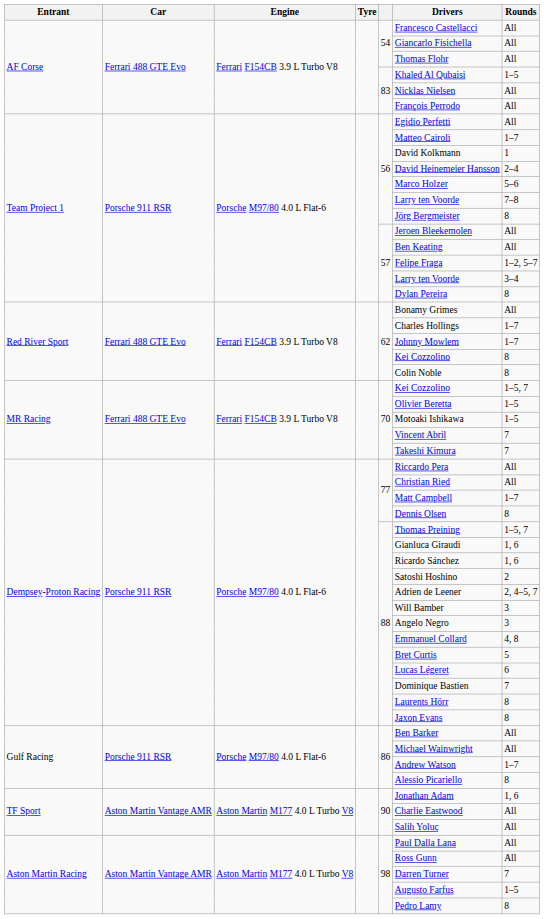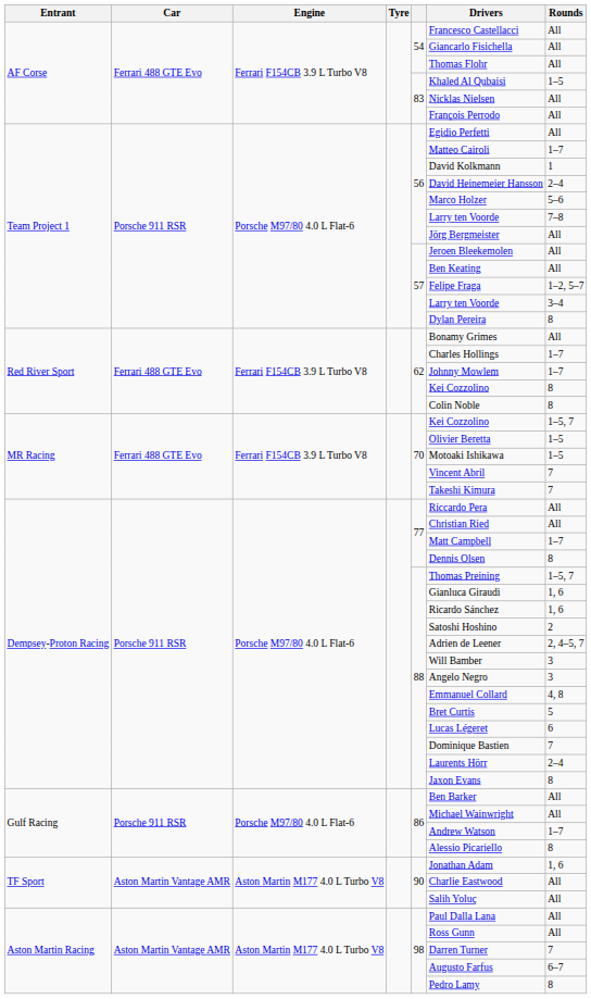 <table class="wikitable" style="font-size: 90%">
 <tr>
 <th>Entrant</th>
 <th>Car</th>
 <th>Engine</th>
 <th>Tyre</th>
 <th></th>
 <th>Drivers</th>
 <th>Rounds</th>
 </tr>
 <tr>
 <td rowspan=6> <a href='#'>AF Corse</a></td>
 <td rowspan=6><a href='#'>Ferrari 488 GTE Evo</a></td>
 <td rowspan=6><a href='#'>Ferrari</a> <a href='#'>F154CB</a> 3.9 L Turbo V8</td>
 <td rowspan=6></td>
 <td rowspan=3>54</td>
 <td> <a href='#'>Francesco Castellacci</a></td>
 <td>All</td>
 </tr>
 <tr>
 <td> <a href='#'>Giancarlo Fisichella</a></td>
 <td>All</td>
 </tr>
 <tr>
 <td> <a href='#'>Thomas Flohr</a></td>
 <td>All</td>
 </tr>
 <tr>
 <td rowspan=3>83</td>
 <td> <a href='#'>Khaled Al Qubaisi</a></td>
 <td>1–5</td>
 </tr>
 <tr>
 <td> <a href='#'>Nicklas Nielsen</a></td>
 <td>All</td>
 </tr>
 <tr>
 <td> <a href='#'>François Perrodo</a></td>
 <td>All</td>
 </tr>
 <tr>
 <td rowspan=12> <a href='#'>Team Project 1</a></td>
 <td rowspan=12><a href='#'>Porsche 911 RSR</a></td>
 <td rowspan=12><a href='#'>Porsche</a> <a href='#'>M97/80</a> 4.0 L Flat-6</td>
 <td rowspan=12></td>
 <td rowspan=7>56</td>
 <td> <a href='#'>Egidio Perfetti</a></td>
 <td>All</td>
 </tr>
 <tr>
 <td> <a href='#'>Matteo Cairoli</a></td>
 <td>1–7</td>
 </tr>
 <tr>
 <td> David Kolkmann</td>
 <td>1</td>
 </tr>
 <tr>
 <td> <a href='#'>David Heinemeier Hansson</a></td>
 <td>2–4</td>
 </tr>
 <tr>
 <td> <a href='#'>Marco Holzer</a></td>
 <td>5–6</td>
 </tr>
 <tr>
 <td> <a href='#'>Larry ten Voorde</a></td>
 <td>7–8</td>
 </tr>
 <tr>
 <td> <a href='#'>Jörg Bergmeister</a></td>
-<td>8</td>
+<td>All</td>
 </tr>
 <tr>
 <td rowspan=5>57</td>
 <td> <a href='#'>Jeroen Bleekemolen</a></td>
 <td>All</td>
 </tr>
 <tr>
 <td> <a href='#'>Ben Keating</a></td>
 <td>All</td>
 </tr>
 <tr>
 <td> <a href='#'>Felipe Fraga</a></td>
 <td>1–2, 5–7</td>
 </tr>
 <tr>
 <td> <a href='#'>Larry ten Voorde</a></td>
 <td>3–4</td>
 </tr>
 <tr>
 <td> <a href='#'>Dylan Pereira</a></td>
 <td>8</td>
 </tr>
 <tr>
 <td rowspan=5> <a href='#'>Red River Sport</a></td>
 <td rowspan=5><a href='#'>Ferrari 488 GTE Evo</a></td>
 <td rowspan=5><a href='#'>Ferrari</a> <a href='#'>F154CB</a> 3.9 L Turbo V8</td>
 <td rowspan=5></td>
 <td rowspan=5>62</td>
 <td> Bonamy Grimes</td>
 <td>All</td>
 </tr>
 <tr>
 <td> Charles Hollings</td>
 <td>1–7</td>
 </tr>
 <tr>
 <td> <a href='#'>Johnny Mowlem</a></td>
 <td>1–7</td>
 </tr>
 <tr>
 <td> <a href='#'>Kei Cozzolino</a></td>
 <td>8</td>
 </tr>
 <tr>
 <td> Colin Noble</td>
 <td>8</td>
 </tr>
 <tr>
 <td rowspan=5> <a href='#'>MR Racing</a></td>
 <td rowspan=5><a href='#'>Ferrari 488 GTE Evo</a></td>
 <td rowspan=5><a href='#'>Ferrari</a> <a href='#'>F154CB</a> 3.9 L Turbo V8</td>
 <td rowspan=5></td>
 <td rowspan=5>70</td>
 <td> <a href='#'>Kei Cozzolino</a></td>
 <td>1–5, 7</td>
 </tr>
 <tr>
 <td> <a href='#'>Olivier Beretta</a></td>
 <td>1–5</td>
 </tr>
 <tr>
 <td> Motoaki Ishikawa</td>
 <td>1–5</td>
 </tr>
 <tr>
 <td> <a href='#'>Vincent Abril</a></td>
 <td>7</td>
 </tr>
 <tr>
 <td> <a href='#'>Takeshi Kimura</a></td>
 <td>7</td>
 </tr>
 <tr>
 <td rowspan="17"> <a href='#'>Dempsey</a>-<a href='#'>Proton Racing</a></td>
 <td rowspan="17"><a href='#'>Porsche 911 RSR</a></td>
 <td rowspan="17"><a href='#'>Porsche</a> <a href='#'>M97/80</a> 4.0 L Flat-6</td>
 <td rowspan="17"></td>
 <td rowspan=4>77</td>
 <td> <a href='#'>Riccardo Pera</a></td>
 <td>All</td>
 </tr>
 <tr>
 <td> <a href='#'>Christian Ried</a></td>
 <td>All</td>
 </tr>
 <tr>
 <td> <a href='#'>Matt Campbell</a></td>
 <td>1–7</td>
 </tr>
 <tr>
 <td> <a href='#'>Dennis Olsen</a></td>
 <td>8</td>
 </tr>
 <tr>
 <td rowspan="13">88</td>
 <td> <a href='#'>Thomas Preining</a></td>
 <td>1–5, 7</td>
 </tr>
 <tr>
 <td> Gianluca Giraudi</td>
 <td>1, 6</td>
 </tr>
 <tr>
 <td> Ricardo Sánchez</td>
 <td>1, 6</td>
 </tr>
 <tr>
 <td> Satoshi Hoshino</td>
 <td>2</td>
 </tr>
 <tr>
 <td> Adrien de Leener</td>
 <td>2, 4–5, 7</td>
 </tr>
 <tr>
 <td> Will Bamber</td>
 <td>3</td>
 </tr>
 <tr>
 <td> Angelo Negro</td>
 <td>3</td>
 </tr>
 <tr>
 <td> <a href='#'>Emmanuel Collard</a></td>
 <td>4, 8</td>
 </tr>
 <tr>
 <td> <a href='#'>Bret Curtis</a></td>
 <td>5</td>
 </tr>
 <tr>
 <td> <a href='#'>Lucas Légeret</a></td>
 <td>6</td>
 </tr>
 <tr>
 <td> Dominique Bastien</td>
 <td>7</td>
 </tr>
 <tr>
 <td> <a href='#'>Laurents Hörr</a></td>
-<td>8</td>
+<td>2–4</td>
 </tr>
 <tr>
 <td> <a href='#'>Jaxon Evans</a></td>
 <td>8</td>
 </tr>
 <tr>
 <td rowspan=4> Gulf Racing</td>
 <td rowspan=4><a href='#'>Porsche 911 RSR</a></td>
 <td rowspan=4><a href='#'>Porsche</a> <a href='#'>M97/80</a> 4.0 L Flat-6</td>
 <td rowspan=4></td>
 <td rowspan=4>86</td>
 <td> <a href='#'>Ben Barker</a></td>
 <td>All</td>
 </tr>
 <tr>
 <td> <a href='#'>Michael Wainwright</a></td>
 <td>All</td>
 </tr>
 <tr>
 <td> <a href='#'>Andrew Watson</a></td>
 <td>1–7</td>
 </tr>
 <tr>
 <td> <a href='#'>Alessio Picariello</a></td>
 <td>8</td>
 </tr>
 <tr>
 <td rowspan=3> <a href='#'>TF Sport</a></td>
 <td rowspan=3><a href='#'>Aston Martin Vantage AMR</a></td>
 <td rowspan=3><a href='#'>Aston Martin</a> <a href='#'>M177</a> 4.0 L Turbo <a href='#'>V8</a></td>
 <td rowspan=3></td>
 <td rowspan=3>90</td>
 <td> <a href='#'>Jonathan Adam</a></td>
 <td>1, 6</td>
 </tr>
 <tr>
 <td> <a href='#'>Charlie Eastwood</a></td>
 <td>All</td>
 </tr>
 <tr>
 <td> <a href='#'>Salih Yoluç</a></td>
 <td>All</td>
 </tr>
 <tr>
 <td rowspan=5> <a href='#'>Aston Martin Racing</a></td>
 <td rowspan=5><a href='#'>Aston Martin Vantage AMR</a></td>
 <td rowspan=5><a href='#'>Aston Martin</a> <a href='#'>M177</a> 4.0 L Turbo <a href='#'>V8</a></td>
 <td rowspan=5></td>
 <td rowspan=5>98</td>
 <td> <a href='#'>Paul Dalla Lana</a></td>
 <td>All</td>
 </tr>
 <tr>
 <td> <a href='#'>Ross Gunn</a></td>
 <td>All</td>
 </tr>
 <tr>
 <td> <a href='#'>Darren Turner</a></td>
 <td>7</td>
 </tr>
 <tr>
 <td> <a href='#'>Augusto Farfus</a></td>
-<td>1–5</td>
+<td>6–7</td>
 </tr>
 <tr>
 <td> <a href='#'>Pedro Lamy</a></td>
 <td>8</td>
 </tr>
 </table>
